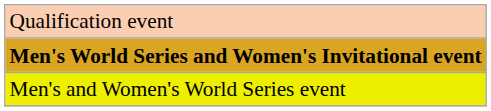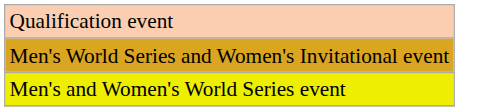 <table class="wikitable" border="1">
 <tr>
 <td bgcolor="#FBCEB1">Qualification event</td>
 </tr>
 <tr>
-<td bgcolor="DAA520"><strong>Men's World Series and Women's Invitational event</strong></td>
+<td bgcolor="DAA520">Men's World Series and Women's Invitational event</td>
 </tr>
 <tr>
 <td bgcolor="eeee00">Men's and Women's World Series event</td>
 </tr>
 <tr>
 </tr>
 </table>
